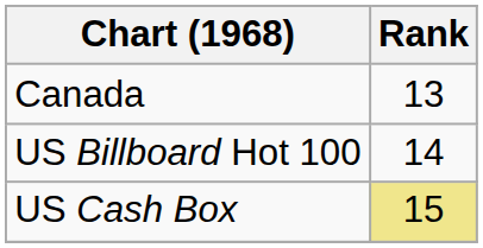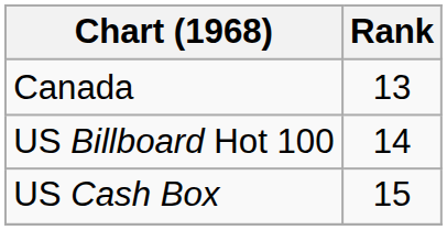 <table class="wikitable">
 <tr>
 <th>Chart (1968)</th>
 <th style="text-align:center;">Rank</th>
 </tr>
 <tr>
 <td>Canada</td>
 <td style="text-align:center;">13</td>
 </tr>
 <tr>
 <td>US <em>Billboard</em> Hot 100</td>
 <td style="text-align:center;">14</td>
 </tr>
 <tr>
 <td>US <em>Cash Box</em></td>
-<td style="background: khaki; text-align:center;">15</td>
+<td style="text-align:center;">15</td>
 </tr>
 <tr>
 </tr>
 </table>
